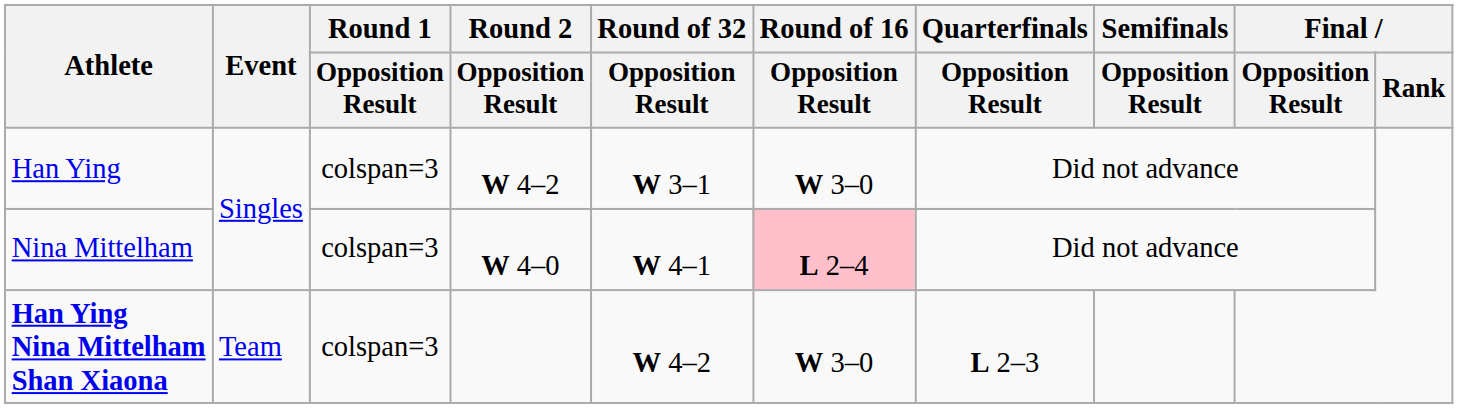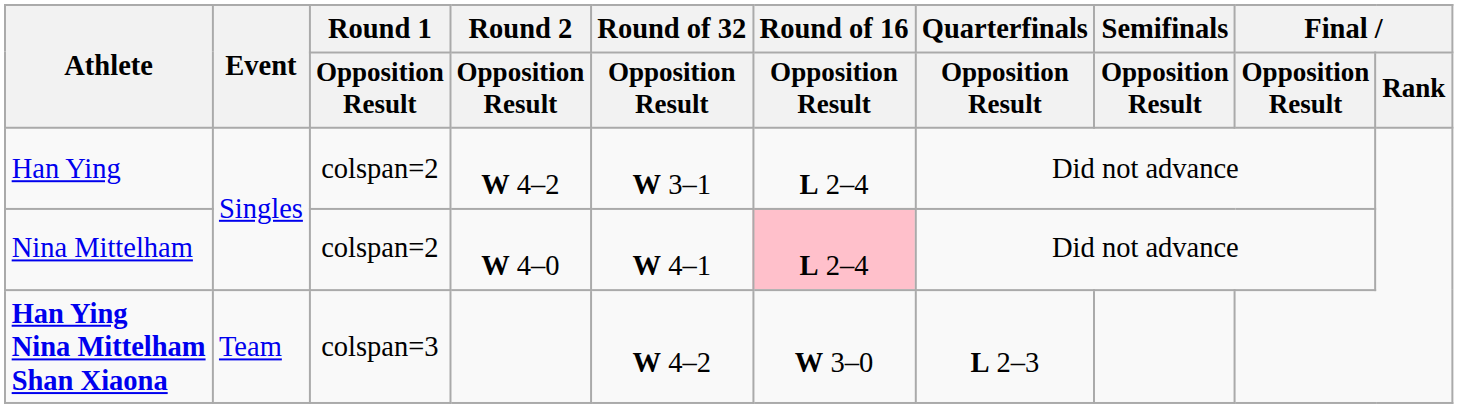 <table class="wikitable" style="font-size:90%">
 <tr>
 <th rowspan=2>Athlete</th>
 <th rowspan=2>Event</th>
 <th>Round 1</th>
 <th>Round 2</th>
 <th>Round of 32</th>
 <th>Round of 16</th>
 <th>Quarterfinals</th>
 <th>Semifinals</th>
 <th colspan=2>Final / </th>
 </tr>
 <tr style="font-size:95%">
 <th>Opposition<br>Result</th>
 <th>Opposition<br>Result</th>
 <th>Opposition<br>Result</th>
 <th>Opposition<br>Result</th>
 <th>Opposition<br>Result</th>
 <th>Opposition<br>Result</th>
 <th>Opposition<br>Result</th>
 <th>Rank</th>
 </tr>
 <tr align=center>
 <td align=left><a href='#'>Han Ying</a></td>
 <td align=left rowspan=2><a href='#'>Singles</a></td>
-<td>colspan=3</td>
+<td>colspan=2</td>
 <td><br><strong>W</strong> 4–2</td>
 <td><br><strong>W</strong> 3–1</td>
-<td><br><strong>W</strong> 3–0</td>
+<td><br><strong>L</strong> 2–4</td>
 <td colspan=3>Did not advance</td>
 </tr>
 <tr align=center>
 <td align=left><a href='#'>Nina Mittelham</a></td>
-<td>colspan=3</td>
+<td>colspan=2</td>
 <td><br><strong>W</strong> 4–0</td>
 <td><br><strong>W</strong> 4–1</td>
 <td style="background: pink;"><br><strong>L</strong> 2–4</td>
 <td colspan=3>Did not advance</td>
 </tr>
 <tr align=center>
 <td align=left><strong><a href='#'>Han Ying</a><br><a href='#'>Nina Mittelham</a><br><a href='#'>Shan Xiaona</a></strong></td>
 <td align=left><a href='#'>Team</a></td>
 <td>colspan=3</td>
 <td></td>
 <td><br><strong>W</strong> 4–2</td>
 <td><br><strong>W</strong> 3–0</td>
 <td><br><strong>L</strong> 2–3</td>
 <td></td>
 </tr>
 </table>
